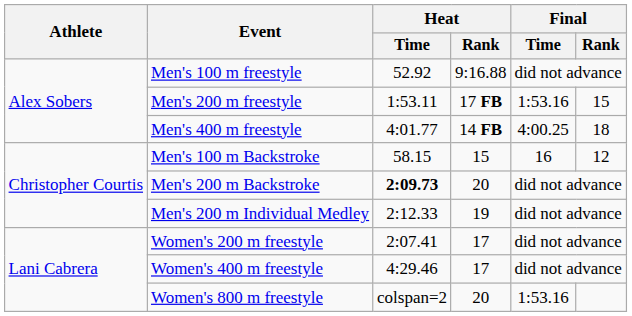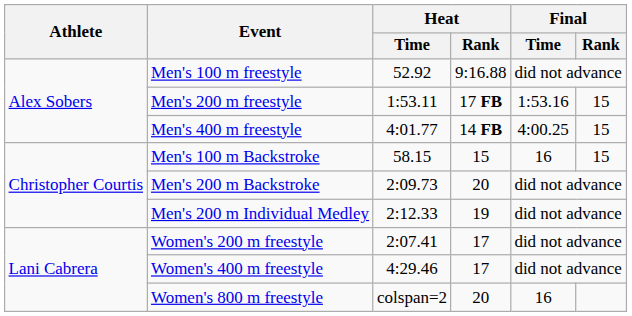 <table class=wikitable style="font-size:90%">
 <tr>
 <th rowspan="2">Athlete</th>
 <th rowspan="2">Event</th>
 <th colspan="2">Heat</th>
 <th colspan="2">Final</th>
 </tr>
 <tr style="font-size:95%">
 <th>Time</th>
 <th>Rank</th>
 <th>Time</th>
 <th>Rank</th>
 </tr>
 <tr align=center>
 <td align=left rowspan="3"><a href='#'>Alex Sobers</a></td>
 <td align=left><a href='#'>Men's 100 m freestyle</a></td>
 <td>52.92</td>
 <td>9:16.88</td>
 <td colspan="2">did not advance</td>
 </tr>
 <tr align=center>
 <td align=left><a href='#'>Men's 200 m freestyle</a></td>
 <td>1:53.11</td>
 <td>17 <strong>FB</strong></td>
 <td>1:53.16</td>
 <td>15</td>
 </tr>
 <tr align=center>
 <td align=left><a href='#'>Men's 400 m freestyle</a></td>
 <td>4:01.77</td>
 <td>14 <strong>FB</strong></td>
 <td>4:00.25</td>
-<td>18</td>
+<td>15</td>
 </tr>
 <tr align=center>
 <td align=left rowspan="3"><a href='#'>Christopher Courtis</a></td>
 <td align=left><a href='#'>Men's 100 m Backstroke</a></td>
 <td>58.15</td>
 <td>15</td>
 <td>16</td>
-<td>12</td>
+<td>15</td>
 </tr>
 <tr align=center>
 <td align=left><a href='#'>Men's 200 m Backstroke</a></td>
-<td><strong>2:09.73</strong></td>
+<td>2:09.73</td>
 <td>20</td>
 <td colspan="2">did not advance</td>
 </tr>
 <tr align=center>
 <td align=left><a href='#'>Men's 200 m Individual Medley</a></td>
 <td>2:12.33</td>
 <td>19</td>
 <td colspan="2">did not advance</td>
 </tr>
 <tr align=center>
 <td align=left rowspan="3"><a href='#'>Lani Cabrera</a></td>
 <td align=left><a href='#'>Women's 200 m freestyle</a></td>
 <td>2:07.41</td>
 <td>17</td>
 <td colspan="2">did not advance</td>
 </tr>
 <tr align=center>
 <td align=left><a href='#'>Women's 400 m freestyle</a></td>
 <td>4:29.46</td>
 <td>17</td>
 <td colspan="2">did not advance</td>
 </tr>
 <tr align=center>
 <td align=left><a href='#'>Women's 800 m freestyle</a></td>
 <td>colspan=2 </td>
 <td>20</td>
-<td>1:53.16</td>
+<td>16</td>
 </tr>
 </table>
